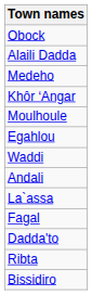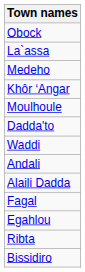 <table class="wikitable collapsible sortable" style="margin:lem; margin-top:10;">
 <tr>
 <th>Town names</th>
 </tr>
 <tr>
 <td><a href='#'>Obock</a></td>
 </tr>
 <tr>
-<td><a href='#'>Alaili Dadda</a></td>
+<td><a href='#'>La`assa</a></td>
 </tr>
 <tr>
 <td><a href='#'>Medeho</a></td>
 </tr>
 <tr>
 <td><a href='#'>Khôr ‘Angar</a></td>
 </tr>
 <tr>
 <td><a href='#'>Moulhoule</a></td>
 </tr>
 <tr>
-<td><a href='#'>Egahlou</a></td>
+<td><a href='#'>Dadda'to</a></td>
 </tr>
 <tr>
 <td><a href='#'>Waddi</a></td>
 </tr>
 <tr>
 <td><a href='#'>Andali</a></td>
 </tr>
 <tr>
-<td><a href='#'>La`assa</a></td>
+<td><a href='#'>Alaili Dadda</a></td>
 </tr>
 <tr>
 <td><a href='#'>Fagal</a></td>
 </tr>
 <tr>
-<td><a href='#'>Dadda'to</a></td>
+<td><a href='#'>Egahlou</a></td>
 </tr>
 <tr>
 <td><a href='#'>Ribta</a></td>
 </tr>
 <tr>
 <td><a href='#'>Bissidiro</a></td>
 </tr>
 </table>
